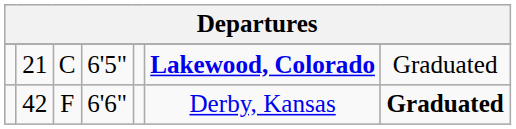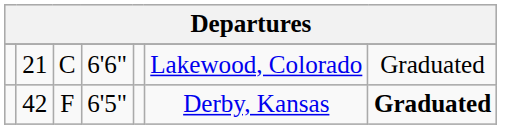 <table class="wikitable sortable" border="1" style="text-align: center;">
 <tr>
 <th colspan=7>Departures</th>
 </tr>
 <tr align=center>
 </tr>
 <tr>
 <td></td>
 <td>21</td>
 <td>C</td>
-<td>6'5"</td>
+<td>6'6"</td>
 <td></td>
-<td><strong><a href='#'>Lakewood, Colorado</a></strong></td>
+<td><a href='#'>Lakewood, Colorado</a></td>
 <td>Graduated</td>
 </tr>
 <tr>
 <td></td>
 <td>42</td>
 <td>F</td>
-<td>6'6"</td>
+<td>6'5"</td>
 <td></td>
 <td><a href='#'>Derby, Kansas</a></td>
 <td><strong>Graduated</strong></td>
 </tr>
 </table>
